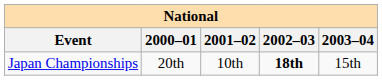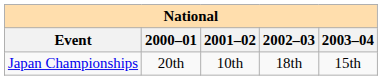 <table class="wikitable" style="text-align:center">
 <tr>
 <th style="background-color: #ffdead; " colspan=5 align=center>National</th>
 </tr>
 <tr>
 <th>Event</th>
 <th>2000–01</th>
 <th>2001–02</th>
 <th>2002–03</th>
 <th>2003–04</th>
 </tr>
 <tr>
 <td align=left><a href='#'>Japan Championships</a></td>
 <td>20th</td>
 <td>10th</td>
-<td><strong>18th</strong></td>
+<td>18th</td>
 <td>15th</td>
 </tr>
 </table>
